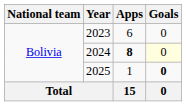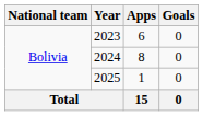 <table class="wikitable" style="text-align:center">
 <tr>
 <th>National team</th>
 <th>Year</th>
 <th>Apps</th>
 <th>Goals</th>
 </tr>
 <tr>
 <td rowspan="3"><a href='#'>Bolivia</a></td>
 <td>2023</td>
 <td>6</td>
 <td>0</td>
 </tr>
 <tr>
 <td>2024</td>
-<td><strong>8</strong></td>
-<td style="background: lightyellow;">0</td>
+<td>8</td>
+<td>0</td>
 </tr>
 <tr>
 <td>2025</td>
 <td>1</td>
-<td><strong>0</strong></td>
+<td>0</td>
 </tr>
 <tr>
 <th colspan="2">Total</th>
 <th>15</th>
 <th>0</th>
 </tr>
 </table>
